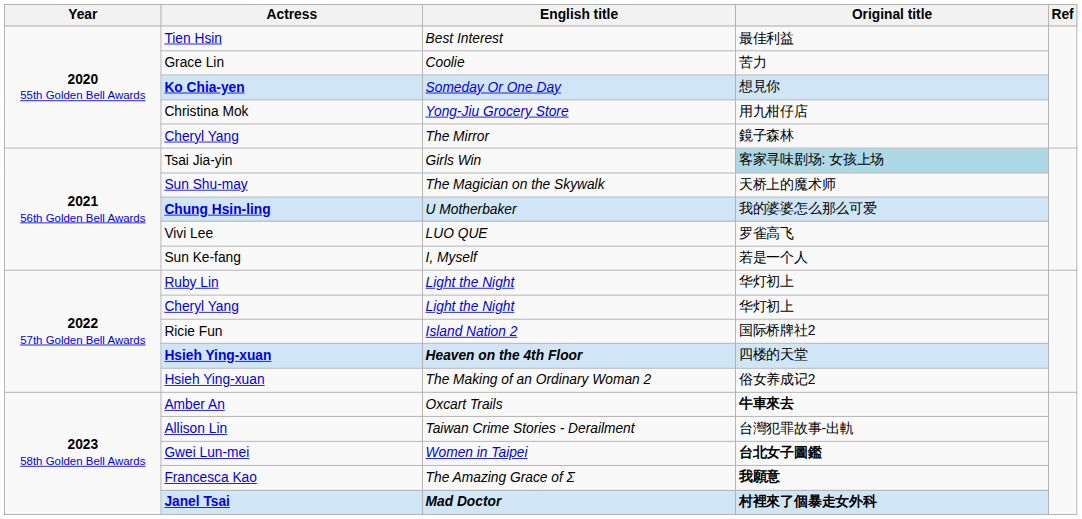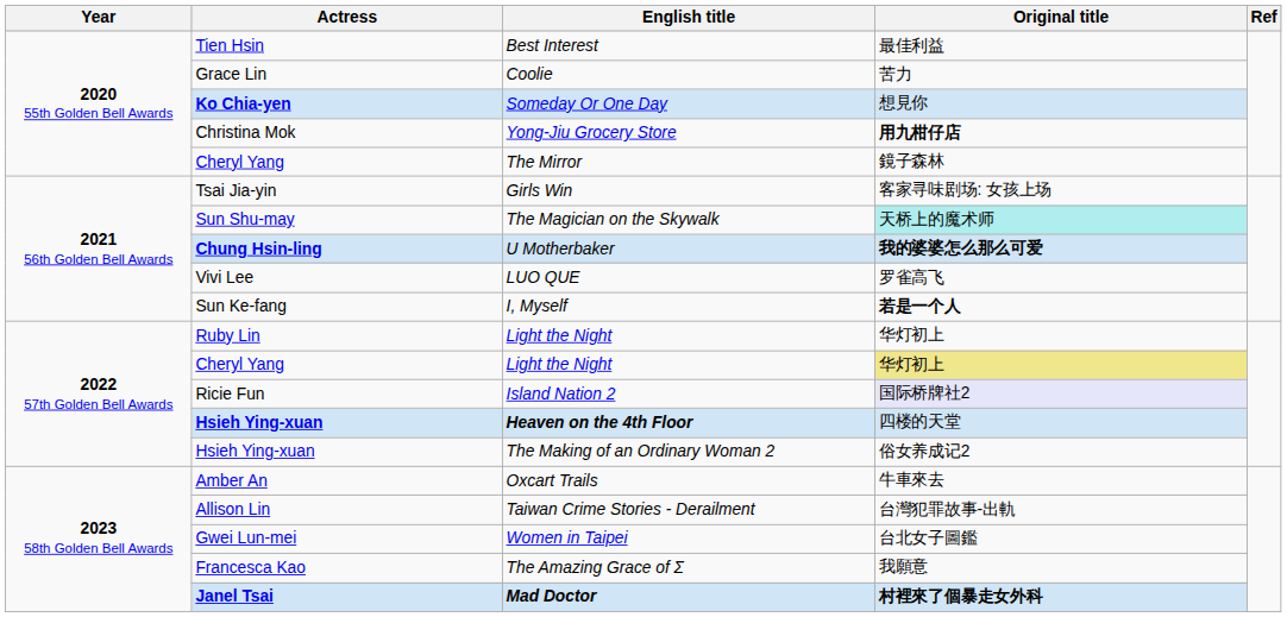 <table class="wikitable">
 <tr style="background:#bebebe;">
 <th style="width:15%;">Year</th>
 <th style="width:25%;">Actress</th>
 <th style="width:30%;">English title</th>
 <th style="width:30%;">Original title</th>
 <th style="width:2%;">Ref</th>
 </tr>
 <tr>
 <td rowspan=5 style="text-align:center"><strong>2020</strong> <br> <small><a href='#'>55th Golden Bell Awards</a></small></td>
 <td><a href='#'>Tien Hsin</a></td>
 <td><em>Best Interest</em></td>
 <td>最佳利益</td>
 <td rowspan=5></td>
 </tr>
 <tr>
 <td>Grace Lin</td>
 <td><em>Coolie</em></td>
 <td>苦力</td>
 </tr>
 <tr style="background:#d0e5f5;">
 <td><strong><a href='#'>Ko Chia-yen</a></strong></td>
 <td><em><a href='#'>Someday Or One Day</a></em></td>
 <td>想見你</td>
 </tr>
 <tr>
 <td>Christina Mok</td>
 <td><em><a href='#'>Yong-Jiu Grocery Store</a></em></td>
-<td>用九柑仔店</td>
+<td><strong>用九柑仔店</strong></td>
 </tr>
 <tr>
 <td><a href='#'>Cheryl Yang</a></td>
 <td><em>The Mirror</em></td>
 <td>鏡子森林</td>
 </tr>
 <tr>
 <td rowspan=5 style="text-align:center"><strong>2021</strong> <br> <small><a href='#'>56th Golden Bell Awards</a></small></td>
 <td>Tsai Jia-yin</td>
 <td><em>Girls Win</em></td>
-<td style="background: lightblue;">客家寻味剧场: 女孩上场</td>
+<td>客家寻味剧场: 女孩上场</td>
 <td rowspan=5></td>
 </tr>
 <tr>
 <td><a href='#'>Sun Shu-may</a></td>
 <td><em>The Magician on the Skywalk</em></td>
-<td>天桥上的魔术师</td>
+<td style="background: paleturquoise;">天桥上的魔术师</td>
 </tr>
 <tr style="background:#d0e5f5;">
 <td><strong><a href='#'>Chung Hsin-ling</a></strong></td>
 <td><em>U Motherbaker</em></td>
-<td>我的婆婆怎么那么可爱</td>
+<td><strong>我的婆婆怎么那么可爱</strong></td>
 </tr>
 <tr>
 <td>Vivi Lee</td>
 <td><em>LUO QUE</em></td>
 <td>罗雀高飞</td>
 </tr>
 <tr>
 <td>Sun Ke-fang</td>
 <td><em>I, Myself</em></td>
-<td>若是一个人</td>
+<td><strong>若是一个人</strong></td>
 </tr>
 <tr>
 <td rowspan=5 style="text-align:center"><strong>2022</strong> <br> <small><a href='#'>57th Golden Bell Awards</a></small></td>
 <td><a href='#'>Ruby Lin</a></td>
 <td><em><a href='#'>Light the Night</a></em></td>
 <td>华灯初上</td>
 <td rowspan=5></td>
 </tr>
 <tr>
 <td><a href='#'>Cheryl Yang</a></td>
 <td><em><a href='#'>Light the Night</a></em></td>
-<td>华灯初上</td>
+<td style="background: khaki;">华灯初上</td>
 </tr>
 <tr>
 <td>Ricie Fun</td>
 <td><em><a href='#'>Island Nation 2</a></em></td>
-<td>国际桥牌社2</td>
+<td style="background: lavender;">国际桥牌社2</td>
 </tr>
 <tr style="background:#d0e5f5;">
 <td><strong><a href='#'>Hsieh Ying-xuan</a></strong></td>
 <td><strong><em>Heaven on the 4th Floor</em></strong></td>
 <td>四楼的天堂</td>
 </tr>
 <tr>
 <td><a href='#'>Hsieh Ying-xuan</a></td>
 <td><em>The Making of an Ordinary Woman 2</em></td>
 <td>俗女养成记2</td>
 </tr>
 <tr>
 <td rowspan=5 style="text-align:center"><strong>2023</strong> <br> <small><a href='#'>58th Golden Bell Awards</a></small></td>
 <td><a href='#'>Amber An</a></td>
 <td><em>Oxcart Trails</em></td>
-<td><strong>牛車來去</strong></td>
+<td>牛車來去</td>
 <td rowspan=5></td>
 </tr>
 <tr>
 <td><a href='#'>Allison Lin</a></td>
 <td><em>Taiwan Crime Stories - Derailment</em></td>
 <td>台灣犯罪故事-出軌</td>
 </tr>
 <tr>
 <td><a href='#'>Gwei Lun-mei</a></td>
 <td><em><a href='#'>Women in Taipei</a></em></td>
-<td><strong>台北女子圖鑑</strong></td>
+<td>台北女子圖鑑</td>
 </tr>
 <tr>
 <td><a href='#'>Francesca Kao</a></td>
 <td><em>The Amazing Grace of Σ</em></td>
-<td><strong>我願意</strong></td>
+<td>我願意</td>
 </tr>
 <tr style="background:#d0e5f5;">
 <td><strong><a href='#'>Janel Tsai</a></strong></td>
 <td><strong><em>Mad Doctor</em></strong></td>
 <td><strong>村裡來了個暴走女外科</strong></td>
 </tr>
 </table>
